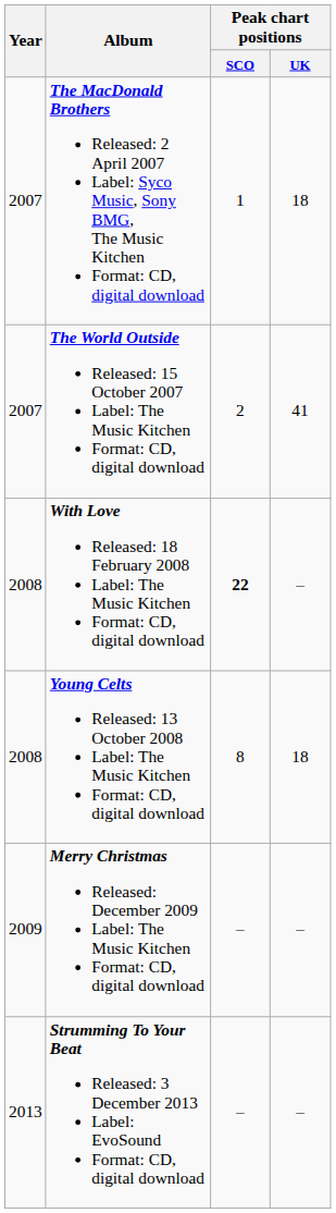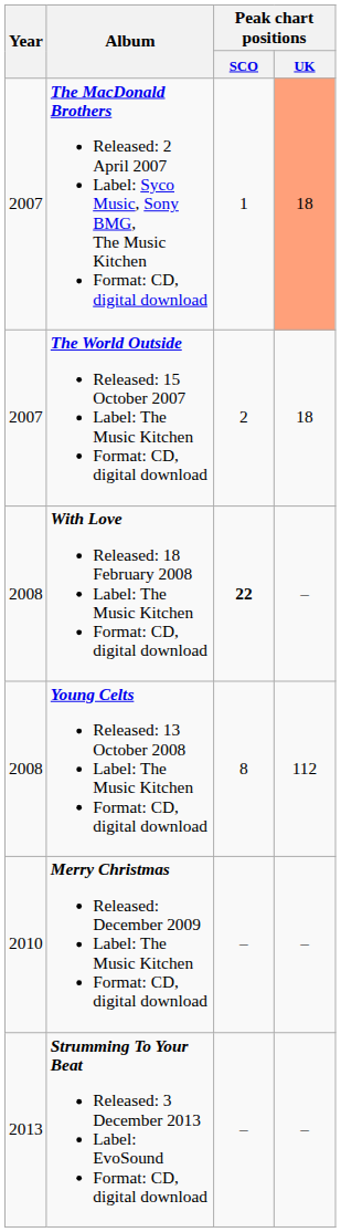 <table class="wikitable">
 <tr>
 <th style="width:30px;" rowspan="2">Year</th>
 <th style="width:150px;" rowspan="2">Album</th>
 <th scope="col" colspan="2">Peak chart positions</th>
 </tr>
 <tr>
 <th style="width:50px;"><small><a href='#'>SCO</a></small><br></th>
 <th style="width:50px;"><small><a href='#'>UK</a></small></th>
 </tr>
 <tr>
 <td>2007</td>
 <td><strong><em><a href='#'>The MacDonald Brothers</a></em></strong><br><ul><li>Released: 2 April 2007</li><li>Label: <a href='#'>Syco Music</a>, <a href='#'>Sony BMG</a>, <br>The Music Kitchen</li><li>Format: CD, <a href='#'>digital download</a></li></ul></td>
 <td style="text-align:center;">1</td>
-<td style="text-align:center;">18</td>
+<td style="background: lightsalmon; text-align:center;">18</td>
 </tr>
 <tr>
 <td>2007</td>
 <td><strong><em><a href='#'>The World Outside</a></em></strong><br><ul><li>Released: 15 October 2007</li><li>Label: The Music Kitchen</li><li>Format: CD, digital download</li></ul></td>
 <td style="text-align:center;">2</td>
-<td style="text-align:center;">41</td>
+<td style="text-align:center;">18</td>
 </tr>
 <tr>
 <td>2008</td>
 <td><strong><em>With Love</em></strong><br><ul><li>Released: 18 February 2008</li><li>Label: The Music Kitchen</li><li>Format: CD, digital download</li></ul></td>
 <td style="text-align:center;"><strong>22</strong></td>
 <td style="text-align:center;">–</td>
 </tr>
 <tr>
 <td>2008</td>
 <td><strong><em><a href='#'>Young Celts</a></em></strong><br><ul><li>Released: 13 October 2008</li><li>Label: The Music Kitchen</li><li>Format: CD, digital download</li></ul></td>
 <td style="text-align:center;">8</td>
-<td style="text-align:center;">18</td>
+<td style="text-align:center;">112</td>
 </tr>
 <tr>
-<td>2009</td>
+<td>2010</td>
 <td><strong><em>Merry Christmas</em></strong><br><ul><li>Released: December 2009</li><li>Label: The Music Kitchen</li><li>Format: CD, digital download</li></ul></td>
 <td style="text-align:center;">–</td>
 <td style="text-align:center;">–</td>
 </tr>
 <tr>
 <td>2013</td>
 <td><strong><em>Strumming To Your Beat</em></strong><br><ul><li>Released: 3 December 2013</li><li>Label: EvoSound</li><li>Format: CD, digital download</li></ul></td>
 <td style="text-align:center;">–</td>
 <td style="text-align:center;">–</td>
 </tr>
 </table>
